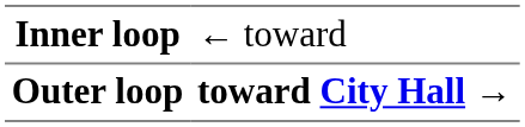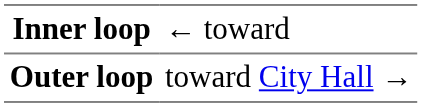 <table border="1" cellspacing="0" cellpadding="3" frame="hsides" rules="rows">
 <tr>
 <th><span>Inner loop</span></th>
 <td>←  toward </td>
 </tr>
 <tr>
 <th><span>Outer loop</span></th>
-<td><strong>  toward <a href='#'>City Hall</a> →</strong></td>
+<td>  toward <a href='#'>City Hall</a> →</td>
 </tr>
 </table>
